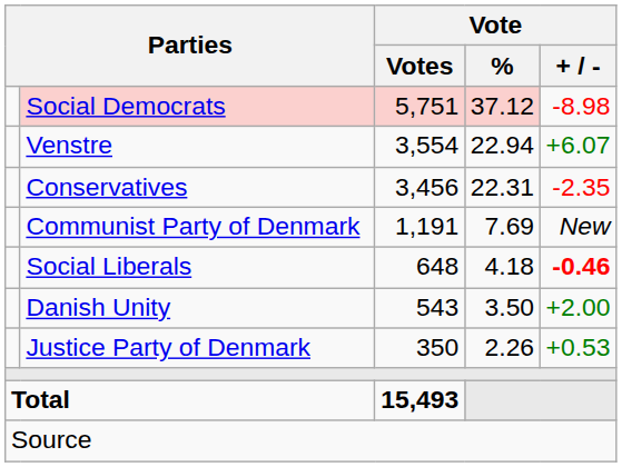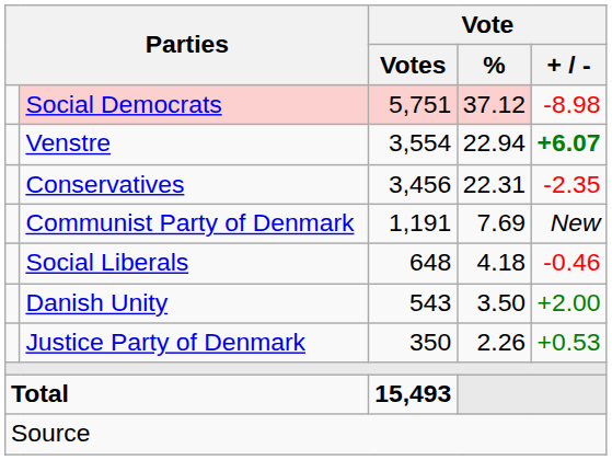 <table class="wikitable" style="text-align:right;">
 <tr>
 <th style="text-align:centre;" rowspan="2" colspan="2" width="225">Parties</th>
 <th colspan="3">Vote</th>
 </tr>
 <tr>
 <th width="15">Votes</th>
 <th width="15">%</th>
 <th width="15">+ / -</th>
 </tr>
 <tr>
 <td width="2" style="color:inherit;background:"></td>
 <td bgcolor=#fbd0ce  align="left"><a href='#'>Social Democrats</a></td>
 <td bgcolor=#fbd0ce>5,751</td>
 <td bgcolor=#fbd0ce>37.12</td>
 <td style=color:red;>-8.98</td>
 </tr>
 <tr>
 <td width="2" style="color:inherit;background:"></td>
 <td align="left"><a href='#'>Venstre</a></td>
 <td>3,554</td>
 <td>22.94</td>
-<td style=color:green;>+6.07</td>
+<td style=color:green;><strong>+6.07</strong></td>
 </tr>
 <tr>
 <td width="2" style="color:inherit;background:"></td>
 <td align="left"><a href='#'>Conservatives</a></td>
 <td>3,456</td>
 <td>22.31</td>
 <td style=color:red;>-2.35</td>
 </tr>
 <tr>
 <td width="2" style="color:inherit;background:"></td>
 <td align="left"><a href='#'>Communist Party of Denmark</a></td>
 <td>1,191</td>
 <td>7.69</td>
 <td><em>New</em></td>
 </tr>
 <tr>
 <td width="2" style="color:inherit;background:"></td>
 <td align="left"><a href='#'>Social Liberals</a></td>
 <td>648</td>
 <td>4.18</td>
-<td style=color:red;><strong>-0.46</strong></td>
+<td style=color:red;>-0.46</td>
 </tr>
 <tr>
 <td width="2" style="color:inherit;background:"></td>
 <td align="left"><a href='#'>Danish Unity</a></td>
 <td>543</td>
 <td>3.50</td>
 <td style=color:green;>+2.00</td>
 </tr>
 <tr>
 <td width="2" style="color:inherit;background:"></td>
 <td align="left"><a href='#'>Justice Party of Denmark</a></td>
 <td>350</td>
 <td>2.26</td>
 <td style=color:green;>+0.53</td>
 </tr>
 <tr>
 <td colspan="7" bgcolor="#E9E9E9"></td>
 </tr>
 <tr>
 <td align="left" colspan="2"><strong>Total</strong></td>
 <td><strong>15,493</strong></td>
 <td bgcolor="#E9E9E9" colspan="2"></td>
 </tr>
 <tr>
 <td align="left" colspan="6">Source</td>
 </tr>
 </table>
